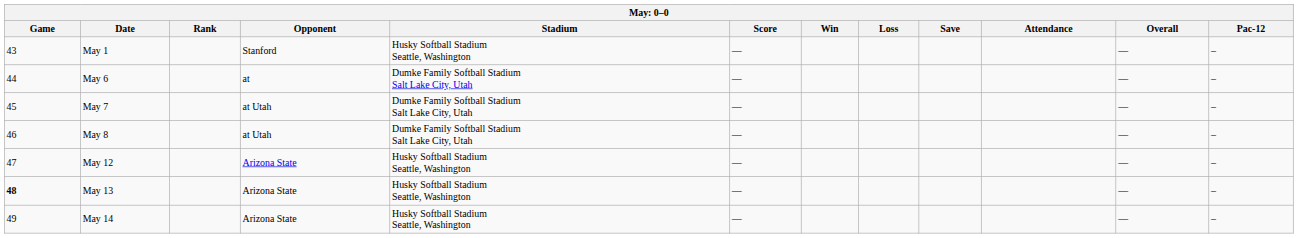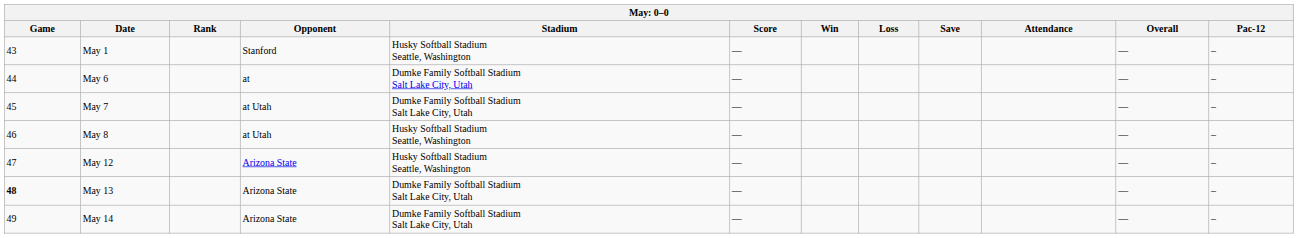 <table class="wikitable collapsible collapsed" style="margin:auto; font-size:95%; width:100%">
 <tr>
 <th colspan=12>May: 0–0</th>
 </tr>
 <tr>
 <th>Game</th>
 <th>Date</th>
 <th>Rank</th>
 <th>Opponent</th>
 <th>Stadium</th>
 <th>Score</th>
 <th>Win</th>
 <th>Loss</th>
 <th>Save</th>
 <th>Attendance</th>
 <th>Overall</th>
 <th>Pac-12</th>
 </tr>
 <tr style="background:">
 <td>43</td>
 <td>May 1</td>
 <td></td>
 <td>Stanford</td>
 <td>Husky Softball Stadium<br>Seattle, Washington</td>
 <td>—</td>
 <td></td>
 <td></td>
 <td></td>
 <td></td>
 <td>—</td>
 <td>–</td>
 </tr>
 <tr style="background:">
 <td>44</td>
 <td>May 6</td>
 <td></td>
 <td>at </td>
 <td>Dumke Family Softball Stadium<br><a href='#'>Salt Lake City, Utah</a></td>
 <td>—</td>
 <td></td>
 <td></td>
 <td></td>
 <td></td>
 <td>—</td>
 <td>–</td>
 </tr>
 <tr style="background:">
 <td>45</td>
 <td>May 7</td>
 <td></td>
 <td>at Utah</td>
 <td>Dumke Family Softball Stadium<br>Salt Lake City, Utah</td>
 <td>—</td>
 <td></td>
 <td></td>
 <td></td>
 <td></td>
 <td>—</td>
 <td>–</td>
 </tr>
 <tr style="background:">
 <td>46</td>
 <td>May 8</td>
 <td></td>
 <td>at Utah</td>
-<td>Dumke Family Softball Stadium<br>Salt Lake City, Utah</td>
+<td>Husky Softball Stadium<br>Seattle, Washington</td>
 <td>—</td>
 <td></td>
 <td></td>
 <td></td>
 <td></td>
 <td>—</td>
 <td>–</td>
 </tr>
 <tr style="background:">
 <td>47</td>
 <td>May 12</td>
 <td></td>
 <td><a href='#'>Arizona State</a></td>
 <td>Husky Softball Stadium<br>Seattle, Washington</td>
 <td>—</td>
 <td></td>
 <td></td>
 <td></td>
 <td></td>
 <td>—</td>
 <td>–</td>
 </tr>
 <tr style="background:">
 <td><strong>48</strong></td>
 <td>May 13</td>
 <td></td>
 <td>Arizona State</td>
-<td>Husky Softball Stadium<br>Seattle, Washington</td>
+<td>Dumke Family Softball Stadium<br>Salt Lake City, Utah</td>
 <td>—</td>
 <td></td>
 <td></td>
 <td></td>
 <td></td>
 <td>—</td>
 <td>–</td>
 </tr>
 <tr style="background:">
 <td>49</td>
 <td>May 14</td>
 <td></td>
 <td>Arizona State</td>
-<td>Husky Softball Stadium<br>Seattle, Washington</td>
+<td>Dumke Family Softball Stadium<br>Salt Lake City, Utah</td>
 <td>—</td>
 <td></td>
 <td></td>
 <td></td>
 <td></td>
 <td>—</td>
 <td>–</td>
 </tr>
 </table>
